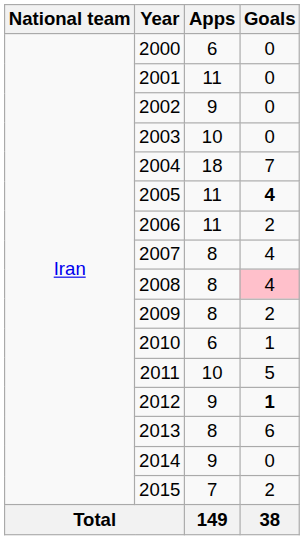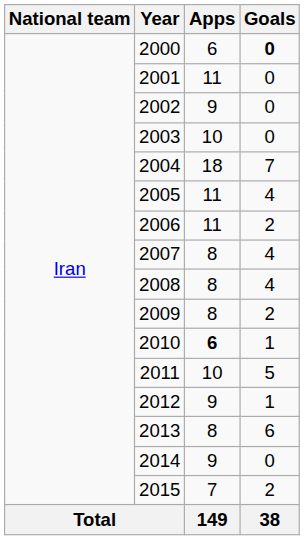 <table class="wikitable" style="text-align:center">
 <tr>
 <th>National team</th>
 <th>Year</th>
 <th>Apps</th>
 <th>Goals</th>
 </tr>
 <tr>
 <td rowspan="16"><a href='#'>Iran</a></td>
 <td>2000</td>
 <td>6</td>
-<td>0</td>
+<td><strong>0</strong></td>
 </tr>
 <tr>
 <td>2001</td>
 <td>11</td>
 <td>0</td>
 </tr>
 <tr>
 <td>2002</td>
 <td>9</td>
 <td>0</td>
 </tr>
 <tr>
 <td>2003</td>
 <td>10</td>
 <td>0</td>
 </tr>
 <tr>
 <td>2004</td>
 <td>18</td>
 <td>7</td>
 </tr>
 <tr>
 <td>2005</td>
 <td>11</td>
-<td><strong>4</strong></td>
+<td>4</td>
 </tr>
 <tr>
 <td>2006</td>
 <td>11</td>
 <td>2</td>
 </tr>
 <tr>
 <td>2007</td>
 <td>8</td>
 <td>4</td>
 </tr>
 <tr>
 <td>2008</td>
 <td>8</td>
-<td style="background: pink;">4</td>
+<td>4</td>
 </tr>
 <tr>
 <td>2009</td>
 <td>8</td>
 <td>2</td>
 </tr>
 <tr>
 <td>2010</td>
-<td>6</td>
+<td><strong>6</strong></td>
 <td>1</td>
 </tr>
 <tr>
 <td>2011</td>
 <td>10</td>
 <td>5</td>
 </tr>
 <tr>
 <td>2012</td>
 <td>9</td>
-<td><strong>1</strong></td>
+<td>1</td>
 </tr>
 <tr>
 <td>2013</td>
 <td>8</td>
 <td>6</td>
 </tr>
 <tr>
 <td>2014</td>
 <td>9</td>
 <td>0</td>
 </tr>
 <tr>
 <td>2015</td>
 <td>7</td>
 <td>2</td>
 </tr>
 <tr>
 <th colspan="2">Total</th>
 <th>149</th>
 <th>38</th>
 </tr>
 </table>
